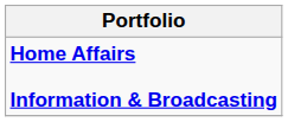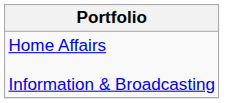 <table class="wikitable">
 <tr>
 <th>Portfolio</th>
 </tr>
 <tr>
-<td><strong><a href='#'>Home Affairs<br></a><br><a href='#'>Information & Broadcasting</a> <br></strong></td>
+<td><a href='#'>Home Affairs<br></a><br><a href='#'>Information & Broadcasting</a> <br></td>
 </tr>
 <tr>
 </tr>
 </table>
